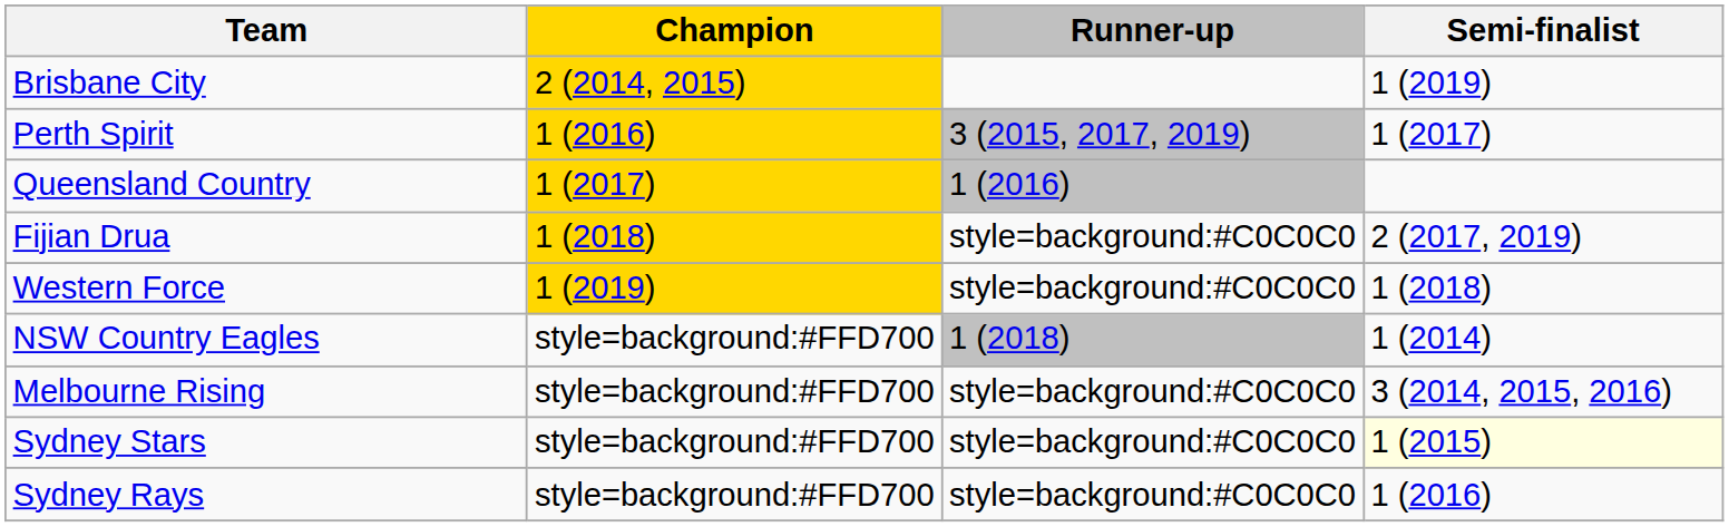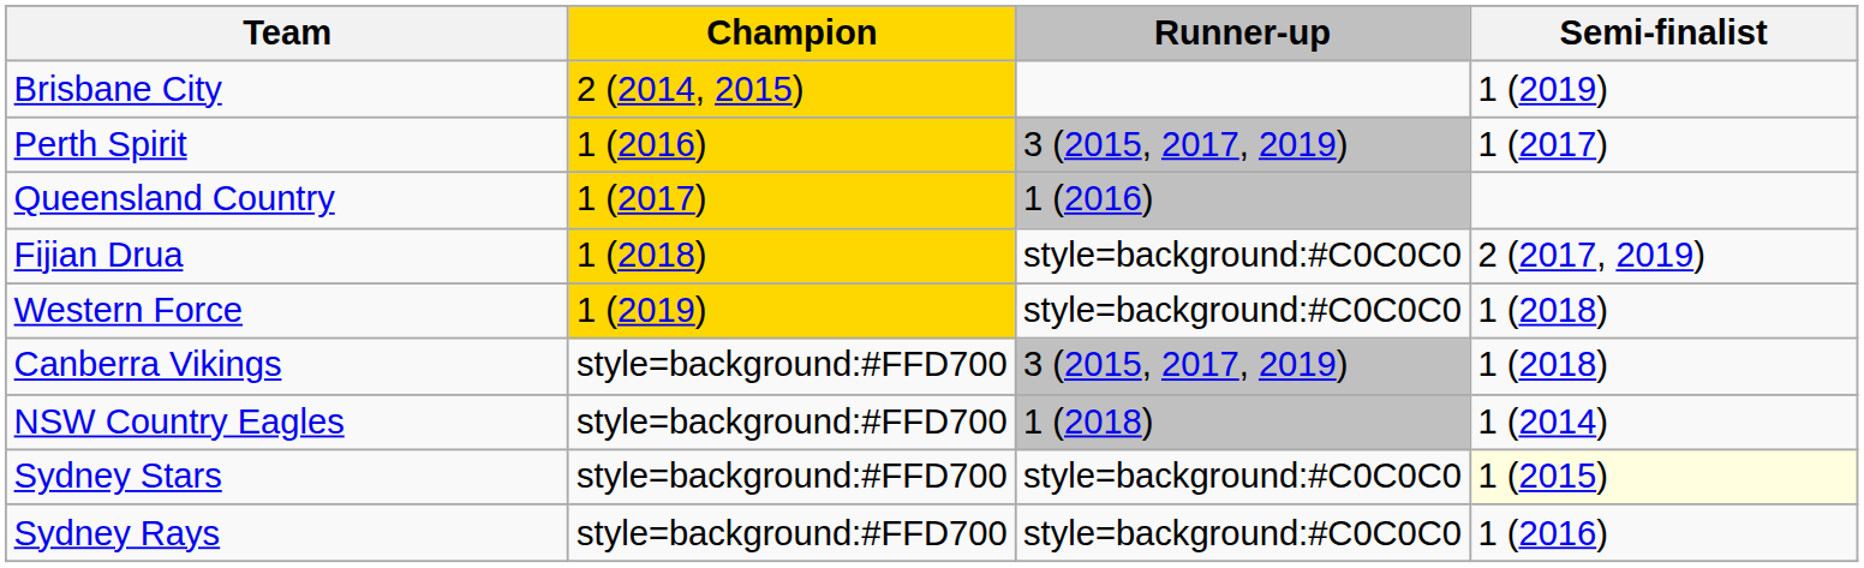 <table class="wikitable" style="text-align:left">
 <tr>
 <th width="250">Team</th>
 <th width="170" style=background:#FFD700>Champion</th>
 <th width="170" style=background:#C0C0C0>Runner-up</th>
 <th width="170">Semi-finalist</th>
 </tr>
 <tr>
 <td> <a href='#'>Brisbane City</a></td>
 <td style=background:#FFD700>2 (<a href='#'>2014</a>, <a href='#'>2015</a>)</td>
 <td></td>
 <td>1 (<a href='#'>2019</a>)</td>
 </tr>
 <tr>
 <td> <a href='#'>Perth Spirit</a></td>
 <td style=background:#FFD700>1 (<a href='#'>2016</a>)</td>
 <td style=background:#C0C0C0>3 (<a href='#'>2015</a>, <a href='#'>2017</a>, <a href='#'>2019</a>)</td>
 <td>1 (<a href='#'>2017</a>)</td>
 </tr>
 <tr>
 <td> <a href='#'>Queensland Country</a></td>
 <td style=background:#FFD700>1 (<a href='#'>2017</a>)</td>
 <td style=background:#C0C0C0>1 (<a href='#'>2016</a>)</td>
 <td></td>
 </tr>
 <tr>
 <td> <a href='#'>Fijian Drua</a></td>
 <td style=background:#FFD700>1 (<a href='#'>2018</a>)</td>
 <td>style=background:#C0C0C0 </td>
 <td>2 (<a href='#'>2017</a>, <a href='#'>2019</a>)</td>
 </tr>
 <tr>
 <td> <a href='#'>Western Force</a></td>
 <td style=background:#FFD700>1 (<a href='#'>2019</a>)</td>
 <td>style=background:#C0C0C0 </td>
 <td>1 (<a href='#'>2018</a>)</td>
 </tr>
 <tr>
+<td> <a href='#'>Canberra Vikings</a></td>
+<td>style=background:#FFD700 </td>
+<td style=background:#C0C0C0>3 (<a href='#'>2015</a>, <a href='#'>2017</a>, <a href='#'>2019</a>)</td>
+<td>1 (<a href='#'>2018</a>)</td>
+</tr>
+<tr>
 <td> <a href='#'>NSW Country Eagles</a></td>
 <td>style=background:#FFD700 </td>
 <td style=background:#C0C0C0>1 (<a href='#'>2018</a>)</td>
 <td>1 (<a href='#'>2014</a>)</td>
-</tr>
-<tr>
-<td> <a href='#'>Melbourne Rising</a></td>
-<td>style=background:#FFD700 </td>
-<td>style=background:#C0C0C0 </td>
-<td>3 (<a href='#'>2014</a>, <a href='#'>2015</a>, <a href='#'>2016</a>)</td>
 </tr>
 <tr>
 <td> <a href='#'>Sydney Stars</a></td>
 <td>style=background:#FFD700 </td>
 <td>style=background:#C0C0C0 </td>
 <td style="background: lightyellow;">1 (<a href='#'>2015</a>)</td>
 </tr>
 <tr>
 <td> <a href='#'>Sydney Rays</a></td>
 <td>style=background:#FFD700 </td>
 <td>style=background:#C0C0C0 </td>
 <td>1 (<a href='#'>2016</a>)</td>
 </tr>
 </table>
